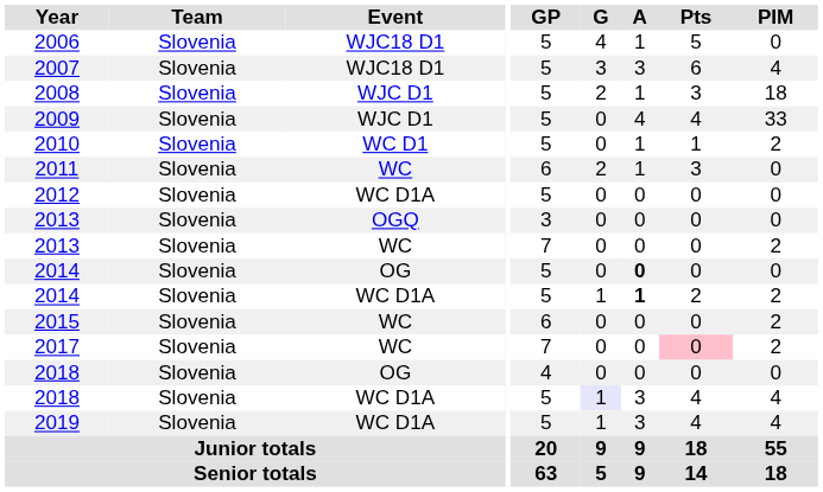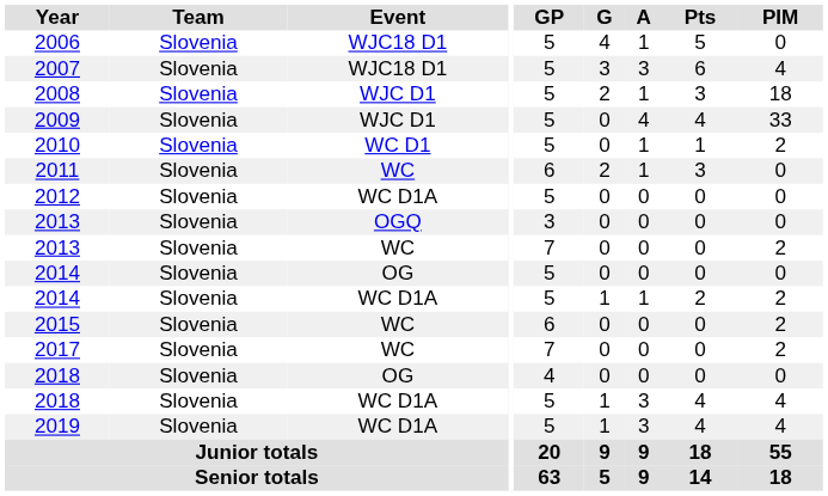 <table border="0" cellpadding="1" cellspacing="0" ID="Table3" style="text-align:center; width:40em">
 <tr ALIGN="center" bgcolor="#e0e0e0">
 <th>Year</th>
 <th>Team</th>
 <th>Event</th>
 <th rowspan="102" bgcolor="#ffffff"></th>
 <th>GP</th>
 <th>G</th>
 <th>A</th>
 <th>Pts</th>
 <th>PIM</th>
 </tr>
 <tr>
 <td><a href='#'>2006</a></td>
 <td><a href='#'>Slovenia</a></td>
 <td><a href='#'>WJC18 D1</a></td>
 <td>5</td>
 <td>4</td>
 <td>1</td>
 <td>5</td>
 <td>0</td>
 </tr>
 <tr bgcolor="#f0f0f0">
 <td><a href='#'>2007</a></td>
 <td>Slovenia</td>
 <td>WJC18 D1</td>
 <td>5</td>
 <td>3</td>
 <td>3</td>
 <td>6</td>
 <td>4</td>
 </tr>
 <tr>
 <td><a href='#'>2008</a></td>
 <td><a href='#'>Slovenia</a></td>
 <td><a href='#'>WJC D1</a></td>
 <td>5</td>
 <td>2</td>
 <td>1</td>
 <td>3</td>
 <td>18</td>
 </tr>
 <tr bgcolor="#f0f0f0">
 <td><a href='#'>2009</a></td>
 <td>Slovenia</td>
 <td>WJC D1</td>
 <td>5</td>
 <td>0</td>
 <td>4</td>
 <td>4</td>
 <td>33</td>
 </tr>
 <tr>
 <td><a href='#'>2010</a></td>
 <td><a href='#'>Slovenia</a></td>
 <td><a href='#'>WC D1</a></td>
 <td>5</td>
 <td>0</td>
 <td>1</td>
 <td>1</td>
 <td>2</td>
 </tr>
 <tr bgcolor="#f0f0f0">
 <td><a href='#'>2011</a></td>
 <td>Slovenia</td>
 <td><a href='#'>WC</a></td>
 <td>6</td>
 <td>2</td>
 <td>1</td>
 <td>3</td>
 <td>0</td>
 </tr>
 <tr>
 <td><a href='#'>2012</a></td>
 <td>Slovenia</td>
 <td>WC D1A</td>
 <td>5</td>
 <td>0</td>
 <td>0</td>
 <td>0</td>
 <td>0</td>
 </tr>
 <tr bgcolor="#f0f0f0">
 <td><a href='#'>2013</a></td>
 <td>Slovenia</td>
 <td><a href='#'>OGQ</a></td>
 <td>3</td>
 <td>0</td>
 <td>0</td>
 <td>0</td>
 <td>0</td>
 </tr>
 <tr>
 <td><a href='#'>2013</a></td>
 <td>Slovenia</td>
 <td>WC</td>
 <td>7</td>
 <td>0</td>
 <td>0</td>
 <td>0</td>
 <td>2</td>
 </tr>
 <tr bgcolor="#f0f0f0">
 <td><a href='#'>2014</a></td>
 <td>Slovenia</td>
 <td>OG</td>
 <td>5</td>
 <td>0</td>
-<td><strong>0</strong></td>
+<td>0</td>
 <td>0</td>
 <td>0</td>
 </tr>
 <tr>
 <td><a href='#'>2014</a></td>
 <td>Slovenia</td>
 <td>WC D1A</td>
 <td>5</td>
 <td>1</td>
-<td><strong>1</strong></td>
+<td>1</td>
 <td>2</td>
 <td>2</td>
 </tr>
 <tr bgcolor="#f0f0f0">
 <td><a href='#'>2015</a></td>
 <td>Slovenia</td>
 <td>WC</td>
 <td>6</td>
 <td>0</td>
 <td>0</td>
 <td>0</td>
 <td>2</td>
 </tr>
 <tr>
 <td><a href='#'>2017</a></td>
 <td>Slovenia</td>
 <td>WC</td>
 <td>7</td>
 <td>0</td>
 <td>0</td>
-<td style="background: pink;">0</td>
+<td>0</td>
 <td>2</td>
 </tr>
 <tr bgcolor="#f0f0f0">
 <td><a href='#'>2018</a></td>
 <td>Slovenia</td>
 <td>OG</td>
 <td>4</td>
 <td>0</td>
 <td>0</td>
 <td>0</td>
 <td>0</td>
 </tr>
 <tr>
 <td><a href='#'>2018</a></td>
 <td>Slovenia</td>
 <td>WC D1A</td>
 <td>5</td>
-<td style="background: lavender;">1</td>
+<td>1</td>
 <td>3</td>
 <td>4</td>
 <td>4</td>
 </tr>
 <tr bgcolor="#f0f0f0">
 <td><a href='#'>2019</a></td>
 <td>Slovenia</td>
 <td>WC D1A</td>
 <td>5</td>
 <td>1</td>
 <td>3</td>
 <td>4</td>
 <td>4</td>
 </tr>
 <tr bgcolor="#e0e0e0">
 <th colspan=3>Junior totals</th>
 <th>20</th>
 <th>9</th>
 <th>9</th>
 <th>18</th>
 <th>55</th>
 </tr>
 <tr bgcolor="#e0e0e0">
 <th colspan=3>Senior totals</th>
 <th>63</th>
 <th>5</th>
 <th>9</th>
 <th>14</th>
 <th>18</th>
 </tr>
 </table>
